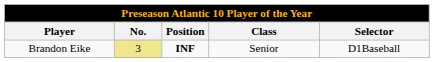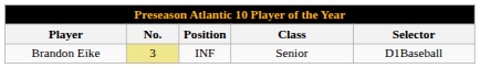 <table class="wikitable" style="text-align:center">
 <tr>
 <td colspan="5" style= "background: #000000; color:#FFB300"><strong>Preseason Atlantic 10 Player of the Year</strong></td>
 </tr>
 <tr>
 <th style="width:150px; ">Player</th>
 <th style="width:60px; ">No.</th>
 <th style="width:60px; ">Position</th>
 <th style="width:150px; ">Class</th>
 <th style="width:150px; ">Selector</th>
 </tr>
 <tr>
 <td>Brandon Eike</td>
 <td style="background: khaki;">3</td>
-<td><strong>INF</strong></td>
+<td>INF</td>
 <td>Senior</td>
 <td>D1Baseball</td>
 </tr>
 </table>
